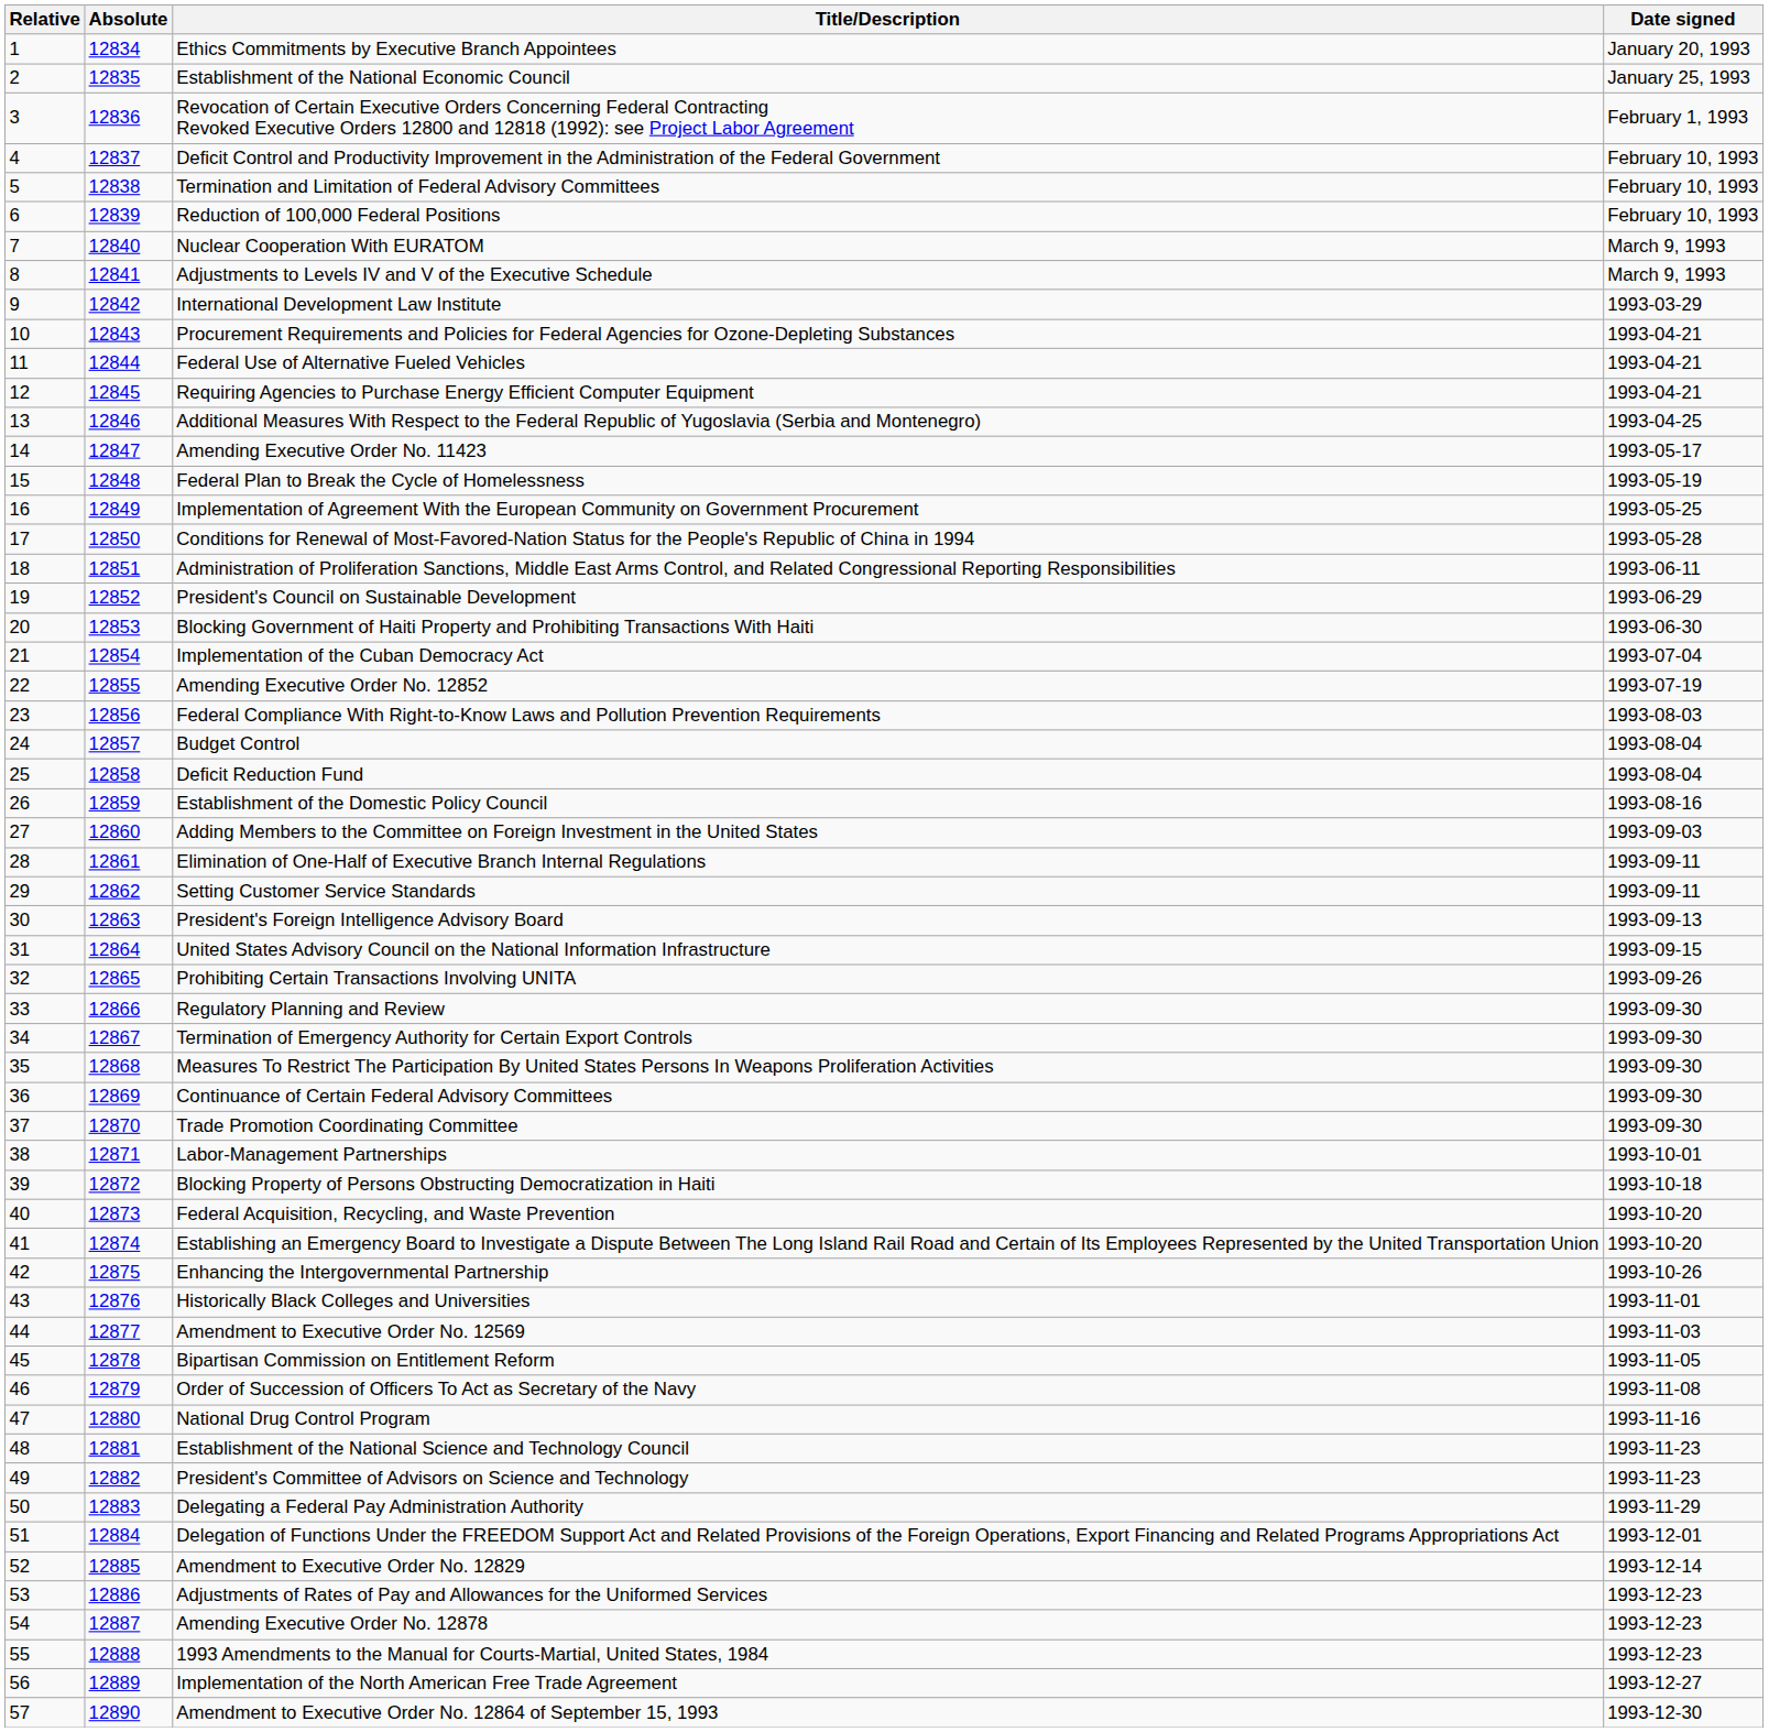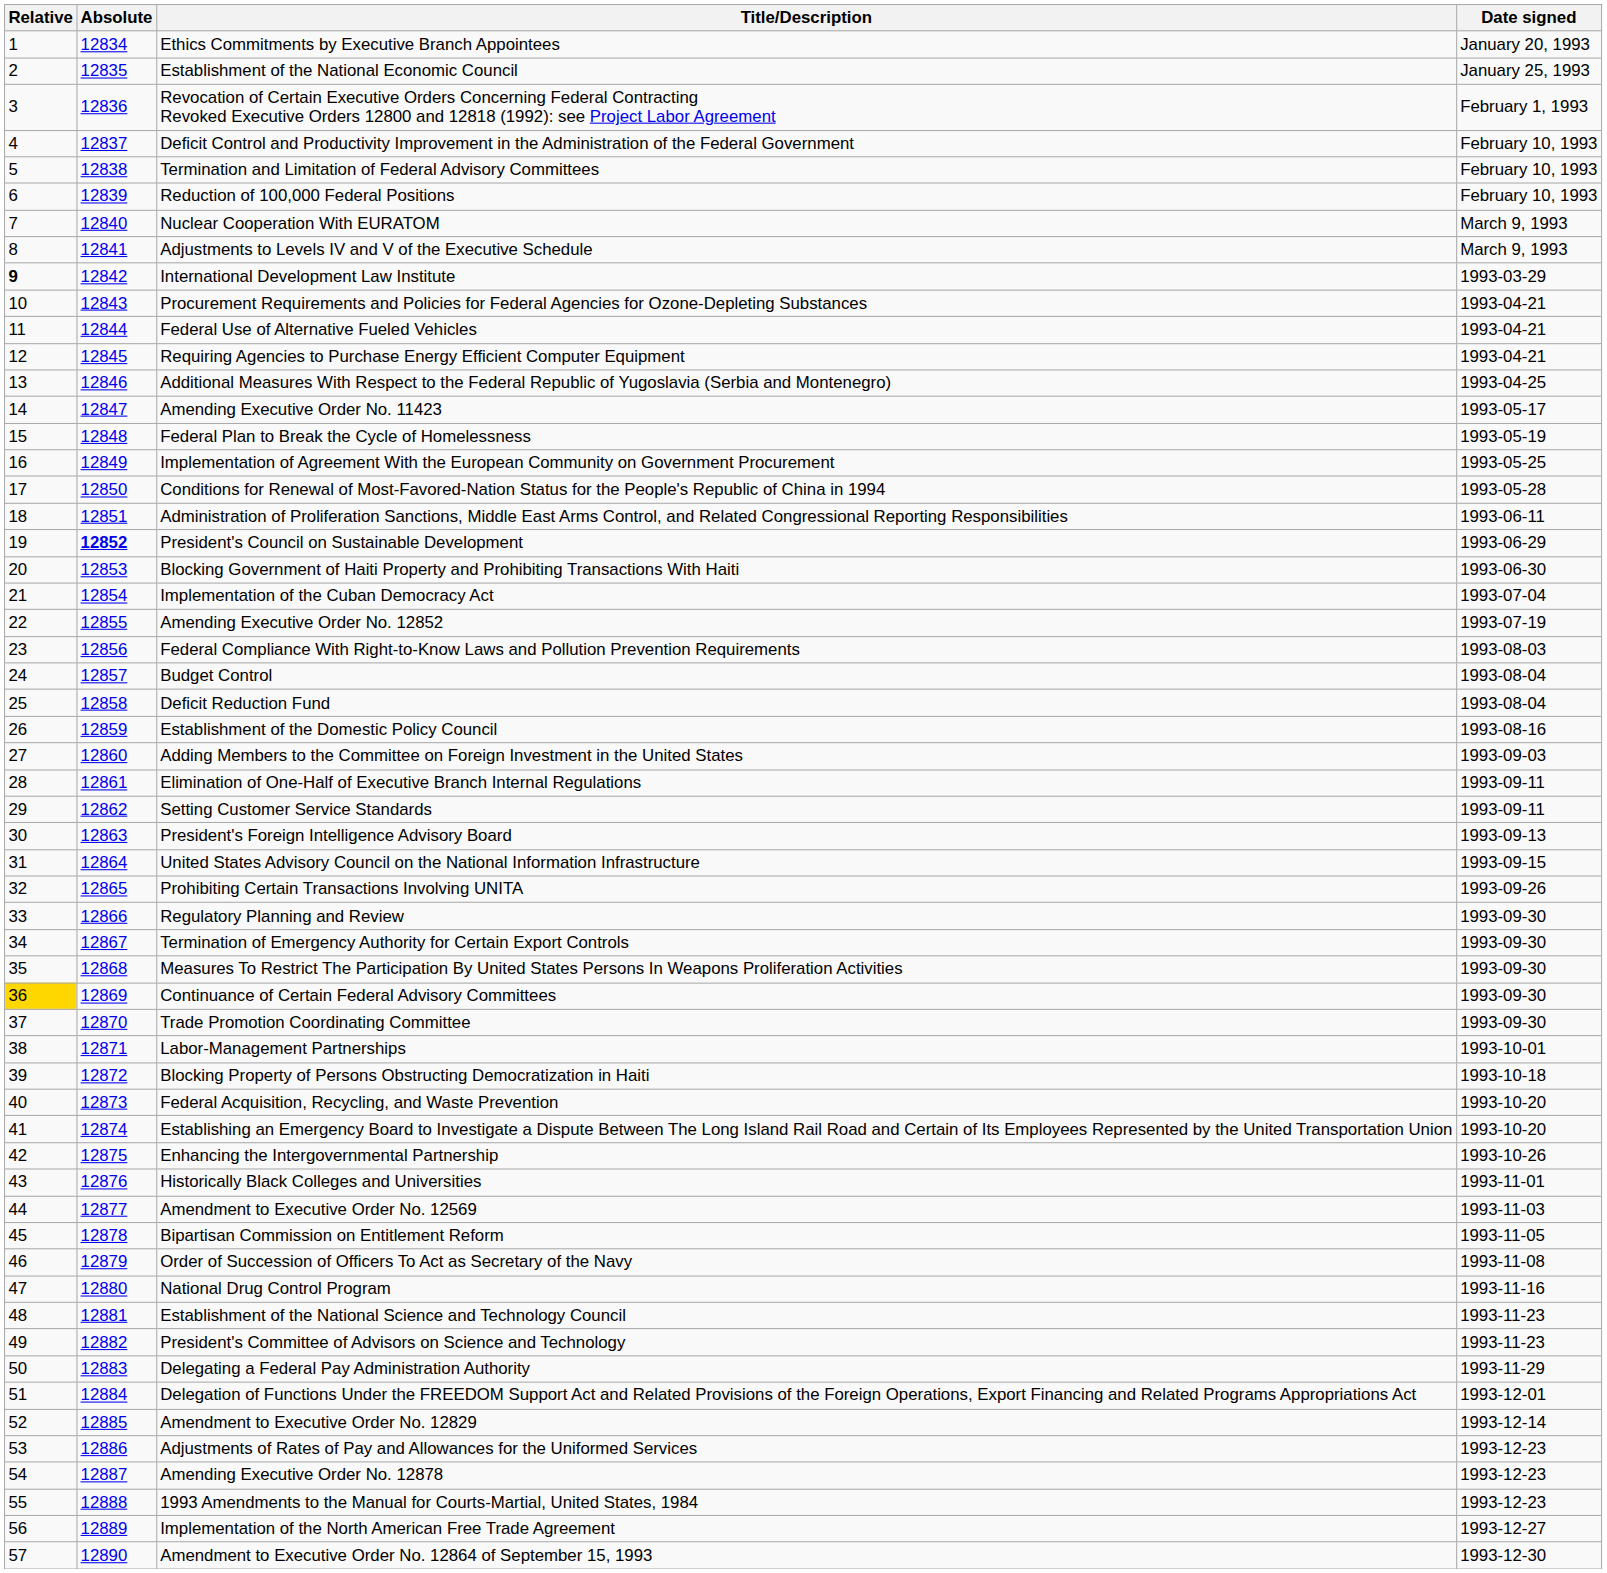 <table class="wikitable">
 <tr>
 <th>Relative </th>
 <th>Absolute </th>
 <th>Title/Description</th>
 <th>Date signed</th>
 </tr>
 <tr>
 <td>1</td>
 <td><a href='#'>12834</a></td>
 <td>Ethics Commitments by Executive Branch Appointees</td>
 <td>January 20, 1993</td>
 </tr>
 <tr>
 <td>2</td>
 <td><a href='#'>12835</a></td>
 <td>Establishment of the National Economic Council</td>
 <td>January 25, 1993</td>
 </tr>
 <tr>
 <td>3</td>
 <td><a href='#'>12836</a></td>
 <td>Revocation of Certain Executive Orders Concerning Federal Contracting<br>Revoked Executive Orders 12800 and 12818 (1992): see <a href='#'>Project Labor Agreement</a></td>
 <td>February 1, 1993</td>
 </tr>
 <tr>
 <td>4</td>
 <td><a href='#'>12837</a></td>
 <td>Deficit Control and Productivity Improvement in the Administration of the Federal Government</td>
 <td>February 10, 1993</td>
 </tr>
 <tr>
 <td>5</td>
 <td><a href='#'>12838</a></td>
 <td>Termination and Limitation of Federal Advisory Committees</td>
 <td>February 10, 1993</td>
 </tr>
 <tr>
 <td>6</td>
 <td><a href='#'>12839</a></td>
 <td>Reduction of 100,000 Federal Positions</td>
 <td>February 10, 1993</td>
 </tr>
 <tr>
 <td>7</td>
 <td><a href='#'>12840</a></td>
 <td>Nuclear Cooperation With EURATOM</td>
 <td>March 9, 1993</td>
 </tr>
 <tr>
 <td>8</td>
 <td><a href='#'>12841</a></td>
 <td>Adjustments to Levels IV and V of the Executive Schedule</td>
 <td>March 9, 1993</td>
 </tr>
 <tr>
-<td>9</td>
+<td><strong>9</strong></td>
 <td><a href='#'>12842</a></td>
 <td>International Development Law Institute</td>
 <td>1993-03-29</td>
 </tr>
 <tr>
 <td>10</td>
 <td><a href='#'>12843</a></td>
 <td>Procurement Requirements and Policies for Federal Agencies for Ozone-Depleting Substances</td>
 <td>1993-04-21</td>
 </tr>
 <tr>
 <td>11</td>
 <td><a href='#'>12844</a></td>
 <td>Federal Use of Alternative Fueled Vehicles</td>
 <td>1993-04-21</td>
 </tr>
 <tr>
 <td>12</td>
 <td><a href='#'>12845</a></td>
 <td>Requiring Agencies to Purchase Energy Efficient Computer Equipment</td>
 <td>1993-04-21</td>
 </tr>
 <tr>
 <td>13</td>
 <td><a href='#'>12846</a></td>
 <td>Additional Measures With Respect to the Federal Republic of Yugoslavia (Serbia and Montenegro)</td>
 <td>1993-04-25</td>
 </tr>
 <tr>
 <td>14</td>
 <td><a href='#'>12847</a></td>
 <td>Amending Executive Order No. 11423</td>
 <td>1993-05-17</td>
 </tr>
 <tr>
 <td>15</td>
 <td><a href='#'>12848</a></td>
 <td>Federal Plan to Break the Cycle of Homelessness</td>
 <td>1993-05-19</td>
 </tr>
 <tr>
 <td>16</td>
 <td><a href='#'>12849</a></td>
 <td>Implementation of Agreement With the European Community on Government Procurement</td>
 <td>1993-05-25</td>
 </tr>
 <tr>
 <td>17</td>
 <td><a href='#'>12850</a></td>
 <td>Conditions for Renewal of Most-Favored-Nation Status for the People's Republic of China in 1994</td>
 <td>1993-05-28</td>
 </tr>
 <tr>
 <td>18</td>
 <td><a href='#'>12851</a></td>
 <td>Administration of Proliferation Sanctions, Middle East Arms Control, and Related Congressional Reporting Responsibilities</td>
 <td>1993-06-11</td>
 </tr>
 <tr>
 <td>19</td>
-<td><a href='#'>12852</a></td>
+<td><strong><a href='#'>12852</a></strong></td>
 <td>President's Council on Sustainable Development</td>
 <td>1993-06-29</td>
 </tr>
 <tr>
 <td>20</td>
 <td><a href='#'>12853</a></td>
 <td>Blocking Government of Haiti Property and Prohibiting Transactions With Haiti</td>
 <td>1993-06-30</td>
 </tr>
 <tr>
 <td>21</td>
 <td><a href='#'>12854</a></td>
 <td>Implementation of the Cuban Democracy Act</td>
 <td>1993-07-04</td>
 </tr>
 <tr>
 <td>22</td>
 <td><a href='#'>12855</a></td>
 <td>Amending Executive Order No. 12852</td>
 <td>1993-07-19</td>
 </tr>
 <tr>
 <td>23</td>
 <td><a href='#'>12856</a></td>
 <td>Federal Compliance With Right-to-Know Laws and Pollution Prevention Requirements</td>
 <td>1993-08-03</td>
 </tr>
 <tr>
 <td>24</td>
 <td><a href='#'>12857</a></td>
 <td>Budget Control</td>
 <td>1993-08-04</td>
 </tr>
 <tr>
 <td>25</td>
 <td><a href='#'>12858</a></td>
 <td>Deficit Reduction Fund</td>
 <td>1993-08-04</td>
 </tr>
 <tr>
 <td>26</td>
 <td><a href='#'>12859</a></td>
 <td>Establishment of the Domestic Policy Council</td>
 <td>1993-08-16</td>
 </tr>
 <tr>
 <td>27</td>
 <td><a href='#'>12860</a></td>
 <td>Adding Members to the Committee on Foreign Investment in the United States</td>
 <td>1993-09-03</td>
 </tr>
 <tr>
 <td>28</td>
 <td><a href='#'>12861</a></td>
 <td>Elimination of One-Half of Executive Branch Internal Regulations</td>
 <td>1993-09-11</td>
 </tr>
 <tr>
 <td>29</td>
 <td><a href='#'>12862</a></td>
 <td>Setting Customer Service Standards</td>
 <td>1993-09-11</td>
 </tr>
 <tr>
 <td>30</td>
 <td><a href='#'>12863</a></td>
 <td>President's Foreign Intelligence Advisory Board</td>
 <td>1993-09-13</td>
 </tr>
 <tr>
 <td>31</td>
 <td><a href='#'>12864</a></td>
 <td>United States Advisory Council on the National Information Infrastructure</td>
 <td>1993-09-15</td>
 </tr>
 <tr>
 <td>32</td>
 <td><a href='#'>12865</a></td>
 <td>Prohibiting Certain Transactions Involving UNITA</td>
 <td>1993-09-26</td>
 </tr>
 <tr>
 <td>33</td>
 <td><a href='#'>12866</a></td>
 <td>Regulatory Planning and Review</td>
 <td>1993-09-30</td>
 </tr>
 <tr>
 <td>34</td>
 <td><a href='#'>12867</a></td>
 <td>Termination of Emergency Authority for Certain Export Controls</td>
 <td>1993-09-30</td>
 </tr>
 <tr>
 <td>35</td>
 <td><a href='#'>12868</a></td>
 <td>Measures To Restrict The Participation By United States Persons In Weapons Proliferation Activities</td>
 <td>1993-09-30</td>
 </tr>
 <tr>
-<td>36</td>
+<td style="background: gold;">36</td>
 <td><a href='#'>12869</a></td>
 <td>Continuance of Certain Federal Advisory Committees</td>
 <td>1993-09-30</td>
 </tr>
 <tr>
 <td>37</td>
 <td><a href='#'>12870</a></td>
 <td>Trade Promotion Coordinating Committee</td>
 <td>1993-09-30</td>
 </tr>
 <tr>
 <td>38</td>
 <td><a href='#'>12871</a></td>
 <td>Labor-Management Partnerships</td>
 <td>1993-10-01</td>
 </tr>
 <tr>
 <td>39</td>
 <td><a href='#'>12872</a></td>
 <td>Blocking Property of Persons Obstructing Democratization in Haiti</td>
 <td>1993-10-18</td>
 </tr>
 <tr>
 <td>40</td>
 <td><a href='#'>12873</a></td>
 <td>Federal Acquisition, Recycling, and Waste Prevention</td>
 <td>1993-10-20</td>
 </tr>
 <tr>
 <td>41</td>
 <td><a href='#'>12874</a></td>
 <td>Establishing an Emergency Board to Investigate a Dispute Between The Long Island Rail Road and Certain of Its Employees Represented by the United Transportation Union</td>
 <td>1993-10-20</td>
 </tr>
 <tr>
 <td>42</td>
 <td><a href='#'>12875</a></td>
 <td>Enhancing the Intergovernmental Partnership</td>
 <td>1993-10-26</td>
 </tr>
 <tr>
 <td>43</td>
 <td><a href='#'>12876</a></td>
 <td>Historically Black Colleges and Universities</td>
 <td>1993-11-01</td>
 </tr>
 <tr>
 <td>44</td>
 <td><a href='#'>12877</a></td>
 <td>Amendment to Executive Order No. 12569</td>
 <td>1993-11-03</td>
 </tr>
 <tr>
 <td>45</td>
 <td><a href='#'>12878</a></td>
 <td>Bipartisan Commission on Entitlement Reform</td>
 <td>1993-11-05</td>
 </tr>
 <tr>
 <td>46</td>
 <td><a href='#'>12879</a></td>
 <td>Order of Succession of Officers To Act as Secretary of the Navy</td>
 <td>1993-11-08</td>
 </tr>
 <tr>
 <td>47</td>
 <td><a href='#'>12880</a></td>
 <td>National Drug Control Program</td>
 <td>1993-11-16</td>
 </tr>
 <tr>
 <td>48</td>
 <td><a href='#'>12881</a></td>
 <td>Establishment of the National Science and Technology Council</td>
 <td>1993-11-23</td>
 </tr>
 <tr>
 <td>49</td>
 <td><a href='#'>12882</a></td>
 <td>President's Committee of Advisors on Science and Technology</td>
 <td>1993-11-23</td>
 </tr>
 <tr>
 <td>50</td>
 <td><a href='#'>12883</a></td>
 <td>Delegating a Federal Pay Administration Authority</td>
 <td>1993-11-29</td>
 </tr>
 <tr>
 <td>51</td>
 <td><a href='#'>12884</a></td>
 <td>Delegation of Functions Under the FREEDOM Support Act and Related Provisions of the Foreign Operations, Export Financing and Related Programs Appropriations Act</td>
 <td>1993-12-01</td>
 </tr>
 <tr>
 <td>52</td>
 <td><a href='#'>12885</a></td>
 <td>Amendment to Executive Order No. 12829</td>
 <td>1993-12-14</td>
 </tr>
 <tr>
 <td>53</td>
 <td><a href='#'>12886</a></td>
 <td>Adjustments of Rates of Pay and Allowances for the Uniformed Services</td>
 <td>1993-12-23</td>
 </tr>
 <tr>
 <td>54</td>
 <td><a href='#'>12887</a></td>
 <td>Amending Executive Order No. 12878</td>
 <td>1993-12-23</td>
 </tr>
 <tr>
 <td>55</td>
 <td><a href='#'>12888</a></td>
 <td>1993 Amendments to the Manual for Courts-Martial, United States, 1984</td>
 <td>1993-12-23</td>
 </tr>
 <tr>
 <td>56</td>
 <td><a href='#'>12889</a></td>
 <td>Implementation of the North American Free Trade Agreement</td>
 <td>1993-12-27</td>
 </tr>
 <tr>
 <td>57</td>
 <td><a href='#'>12890</a></td>
 <td>Amendment to Executive Order No. 12864 of September 15, 1993</td>
 <td>1993-12-30</td>
 </tr>
 </table>
